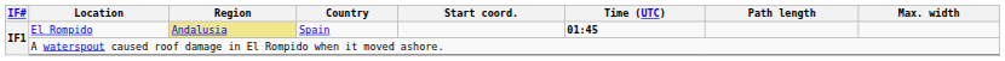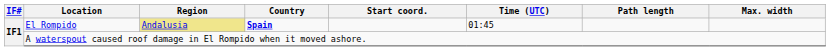 <table class="wikitable sortable" style="width:100%;">
 <tr>
 <th scope="col" width="2%" align="center"><a href='#'>IF#</a></th>
 <th scope="col" align="center" class="unsortable">Location</th>
 <th scope="col" align="center" class="unsortable">Region</th>
 <th scope="col" align="center">Country</th>
 <th scope="col" align="center">Start coord.</th>
 <th scope="col" align="center">Time (<a href='#'>UTC</a>)</th>
 <th scope="col" align="center">Path length</th>
 <th scope="col" align="center">Max. width</th>
 </tr>
 <tr>
 <th scope="row" rowspan="2" style="background-color:#">IF1</th>
 <td><a href='#'>El Rompido</a></td>
 <td style="background: khaki;"><a href='#'>Andalusia</a></td>
-<td><a href='#'>Spain</a></td>
+<td><strong><a href='#'>Spain</a></strong></td>
 <td></td>
-<td><strong>01:45</strong></td>
+<td>01:45</td>
 <td></td>
 <td></td>
 </tr>
 <tr class="expand-child">
 <td colspan="8" style=" border-bottom: 1px solid black;">A <a href='#'>waterspout</a> caused roof damage in El Rompido when it moved ashore.</td>
 </tr>
 </table>
